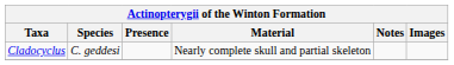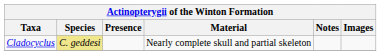 <table class="wikitable" align="center">
 <tr>
 <th colspan="6" align="center"><strong><a href='#'>Actinopterygii</a></strong> of the Winton Formation</th>
 </tr>
 <tr>
 <th>Taxa</th>
 <th>Species</th>
 <th>Presence</th>
 <th>Material</th>
 <th>Notes</th>
 <th>Images</th>
 </tr>
 <tr>
 <td><em><a href='#'>Cladocyclus</a></em></td>
-<td><em>C. geddesi</em></td>
+<td style="background: khaki;"><em>C. geddesi</em></td>
 <td></td>
 <td>Nearly complete skull and partial skeleton</td>
 <td></td>
 <td></td>
 </tr>
 <tr>
 </tr>
 </table>
